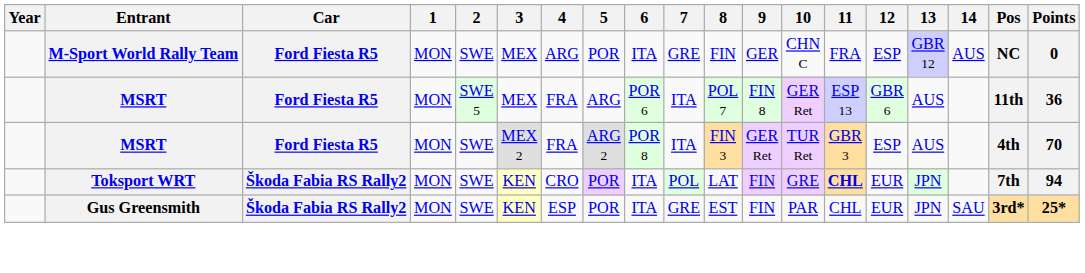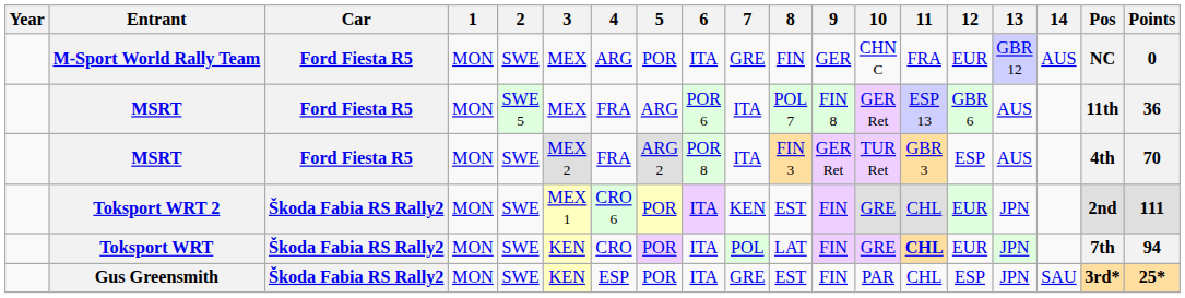 <table class="wikitable" style="text-align:center; font-size:85%;">
 <tr>
 <th>Year</th>
 <th>Entrant</th>
 <th>Car</th>
 <th>1</th>
 <th>2</th>
 <th>3</th>
 <th>4</th>
 <th>5</th>
 <th>6</th>
 <th>7</th>
 <th>8</th>
 <th>9</th>
 <th>10</th>
 <th>11</th>
 <th>12</th>
 <th>13</th>
 <th>14</th>
 <th>Pos</th>
 <th>Points</th>
 </tr>
 <tr>
 <td></td>
 <th nowrap><a href='#'>M-Sport World Rally Team</a></th>
 <th nowrap><a href='#'>Ford Fiesta R5</a></th>
 <td><a href='#'>MON</a></td>
 <td><a href='#'>SWE</a></td>
 <td><a href='#'>MEX</a></td>
 <td><a href='#'>ARG</a></td>
 <td><a href='#'>POR</a></td>
 <td><a href='#'>ITA</a></td>
 <td><a href='#'>GRE</a></td>
 <td><a href='#'>FIN</a></td>
 <td><a href='#'>GER</a></td>
 <td><a href='#'>CHN</a><br><small>C</small></td>
 <td><a href='#'>FRA</a></td>
-<td><a href='#'>ESP</a></td>
+<td><a href='#'>EUR</a></td>
 <td style="background:#CFCFFF;"><a href='#'>GBR</a><br><small>12</small></td>
 <td><a href='#'>AUS</a></td>
 <th>NC</th>
 <th>0</th>
 </tr>
 <tr>
 <td></td>
 <th nowrap><a href='#'>MSRT</a></th>
 <th nowrap><a href='#'>Ford Fiesta R5</a></th>
 <td><a href='#'>MON</a></td>
 <td style="background:#DFFFDF;"><a href='#'>SWE</a><br><small>5</small></td>
 <td><a href='#'>MEX</a></td>
 <td><a href='#'>FRA</a></td>
 <td><a href='#'>ARG</a></td>
 <td style="background:#DFFFDF;"><a href='#'>POR</a><br><small>6</small></td>
 <td><a href='#'>ITA</a></td>
 <td style="background:#DFFFDF;"><a href='#'>POL</a><br><small>7</small></td>
 <td style="background:#DFFFDF;"><a href='#'>FIN</a><br><small>8</small></td>
 <td style="background:#EFCFFF;"><a href='#'>GER</a><br><small>Ret</small></td>
 <td style="background:#CFCFFF;"><a href='#'>ESP</a><br><small>13</small></td>
 <td style="background:#DFFFDF;"><a href='#'>GBR</a><br><small>6</small></td>
 <td><a href='#'>AUS</a></td>
 <td></td>
 <th>11th</th>
 <th>36</th>
 </tr>
 <tr>
 <td></td>
 <th nowrap><a href='#'>MSRT</a></th>
 <th nowrap><a href='#'>Ford Fiesta R5</a></th>
 <td><a href='#'>MON</a></td>
 <td><a href='#'>SWE</a></td>
 <td style="background:#DFDFDF;"><a href='#'>MEX</a><br><small>2</small></td>
 <td><a href='#'>FRA</a></td>
 <td style="background:#DFDFDF;"><a href='#'>ARG</a><br><small>2</small></td>
 <td style="background:#DFFFDF;"><a href='#'>POR</a><br><small>8</small></td>
 <td><a href='#'>ITA</a></td>
 <td style="background:#FFDF9F;"><a href='#'>FIN</a><br><small>3</small></td>
 <td style="background:#EFCFFF;"><a href='#'>GER</a><br><small>Ret</small></td>
 <td style="background:#EFCFFF;"><a href='#'>TUR</a><br><small>Ret</small></td>
 <td style="background:#FFDF9F;"><a href='#'>GBR</a><br><small>3</small></td>
 <td><a href='#'>ESP</a></td>
 <td><a href='#'>AUS</a></td>
 <td></td>
 <th>4th</th>
 <th>70</th>
 </tr>
 <tr>
 <td></td>
+<th nowrap><a href='#'>Toksport WRT 2</a></th>
+<th nowrap><a href='#'>Škoda Fabia RS Rally2</a></th>
+<td><a href='#'>MON</a></td>
+<td><a href='#'>SWE</a></td>
+<td style="background:#FFFFBF;"><a href='#'>MEX</a><br><small>1</small></td>
+<td style="background:#DFFFDF;"><a href='#'>CRO</a><br><small>6</small></td>
+<td style="background:#FFFFBF;"><a href='#'>POR</a><br></td>
+<td style="background:#EFCFFF;"><a href='#'>ITA</a><br></td>
+<td><a href='#'>KEN</a></td>
+<td><a href='#'>EST</a></td>
+<td style="background:#EFCFFF;"><a href='#'>FIN</a><br></td>
+<td style="background:#DFDFDF;"><a href='#'>GRE</a><br></td>
+<td style="background:#DFDFDF;"><a href='#'>CHL</a><br></td>
+<td style="background:#DFFFDF;"><a href='#'>EUR</a><br></td>
+<td><a href='#'>JPN</a></td>
+<td></td>
+<th style="background:#DFDFDF;">2nd</th>
+<th style="background:#DFDFDF;">111</th>
+</tr>
+<tr>
+<td></td>
 <th nowrap><a href='#'>Toksport WRT</a></th>
 <th nowrap><a href='#'>Škoda Fabia RS Rally2</a></th>
 <td><a href='#'>MON</a></td>
 <td><a href='#'>SWE</a></td>
 <td style="background:#FFFFBF;"><a href='#'>KEN</a><br></td>
 <td><a href='#'>CRO</a></td>
 <td style="background:#EFCFFF;"><a href='#'>POR</a><br></td>
 <td><a href='#'>ITA</a></td>
 <td style="background:#DFFFDF;"><a href='#'>POL</a><br></td>
 <td><a href='#'>LAT</a></td>
 <td style="background:#EFCFFF;"><a href='#'>FIN</a><br></td>
 <td style="background:#EFCFFF;"><a href='#'>GRE</a><br></td>
 <td style="background:#FFDF9F;"><strong><a href='#'>CHL</a><br></strong></td>
 <td><a href='#'>EUR</a></td>
 <td style="background:#DFFFDF;"><a href='#'>JPN</a><br></td>
 <td></td>
 <th>7th</th>
 <th>94</th>
 </tr>
 <tr>
 <td></td>
 <th nowrap>Gus Greensmith</th>
 <th nowrap><a href='#'>Škoda Fabia RS Rally2</a></th>
 <td><a href='#'>MON</a></td>
 <td><a href='#'>SWE</a></td>
 <td style="background:#FFFFBF;"><a href='#'>KEN</a><br></td>
 <td><a href='#'>ESP</a></td>
 <td><a href='#'>POR</a></td>
 <td><a href='#'>ITA</a></td>
 <td><a href='#'>GRE</a></td>
 <td><a href='#'>EST</a></td>
 <td><a href='#'>FIN</a></td>
 <td><a href='#'>PAR</a></td>
 <td><a href='#'>CHL</a></td>
-<td><a href='#'>EUR</a></td>
+<td><a href='#'>ESP</a></td>
 <td><a href='#'>JPN</a></td>
 <td><a href='#'>SAU</a></td>
 <th style="background:#FFDF9F;">3rd*</th>
 <th style="background:#FFDF9F;">25*</th>
 </tr>
 </table>
